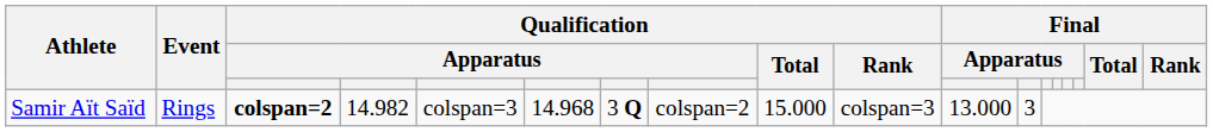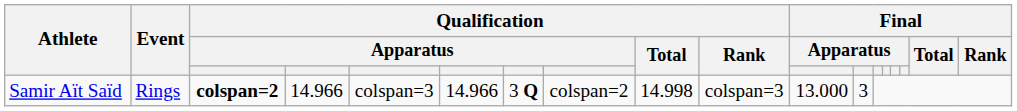 <table class="wikitable" style="font-size:90%; width:60%">
 <tr>
 <th rowspan=3>Athlete</th>
 <th rowspan=3>Event</th>
 <th colspan =8>Qualification</th>
 <th colspan =8>Final</th>
 </tr>
 <tr style="font-size:95%">
 <th colspan=6>Apparatus</th>
 <th rowspan=2>Total</th>
 <th rowspan=2>Rank</th>
 <th colspan=6>Apparatus</th>
 <th rowspan=2>Total</th>
 <th rowspan=2>Rank</th>
 </tr>
 <tr style="font-size:95%">
 <th></th>
 <th></th>
 <th></th>
 <th></th>
 <th></th>
 <th></th>
 <th></th>
 <th></th>
 <th></th>
 <th></th>
 <th></th>
 <th></th>
 </tr>
 <tr align=center>
 <td align=left><a href='#'>Samir Aït Saïd</a></td>
 <td align=left><a href='#'>Rings</a></td>
 <td><strong>colspan=2 </strong></td>
-<td>14.982</td>
+<td>14.966</td>
 <td>colspan=3 </td>
-<td>14.968</td>
+<td>14.966</td>
 <td>3 <strong>Q</strong></td>
 <td>colspan=2 </td>
-<td>15.000</td>
+<td>14.998</td>
 <td>colspan=3 </td>
 <td>13.000</td>
 <td>3</td>
 </tr>
 </table>
